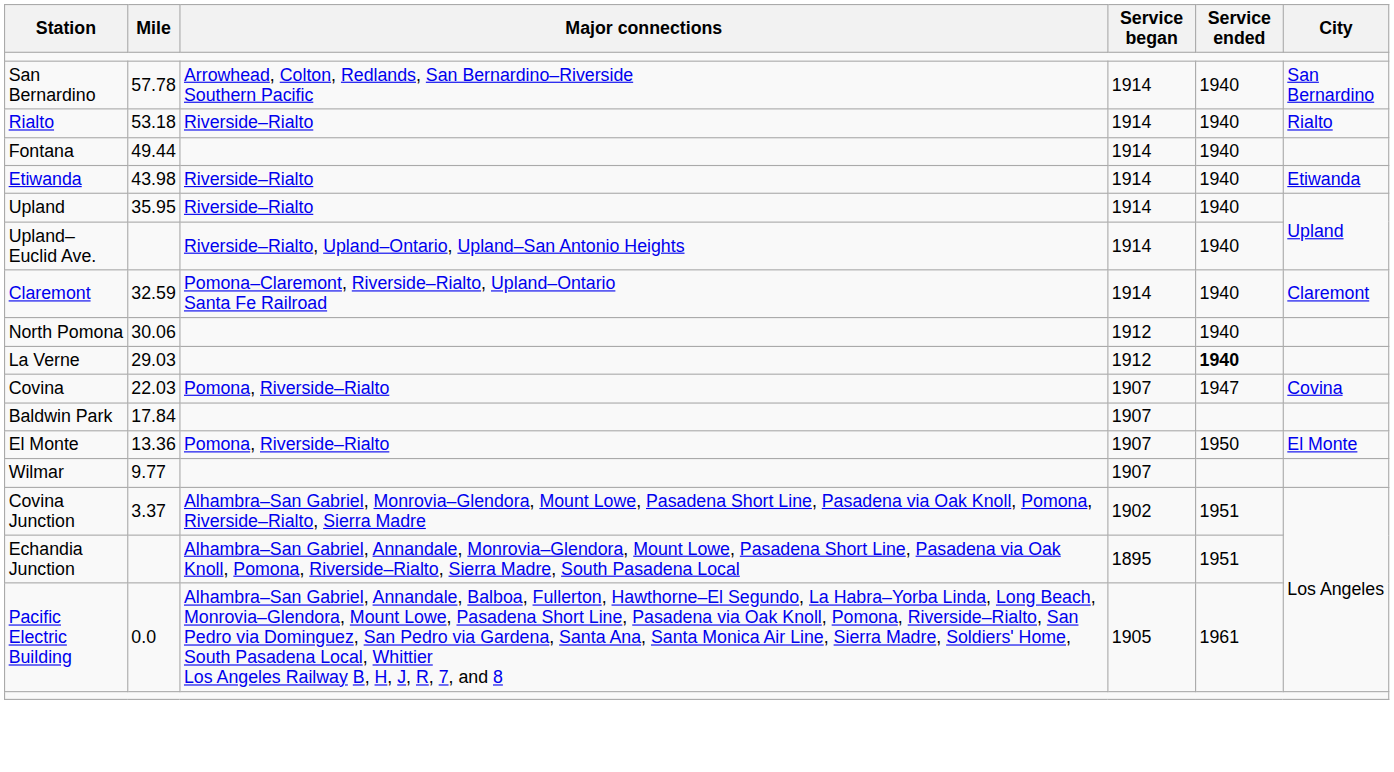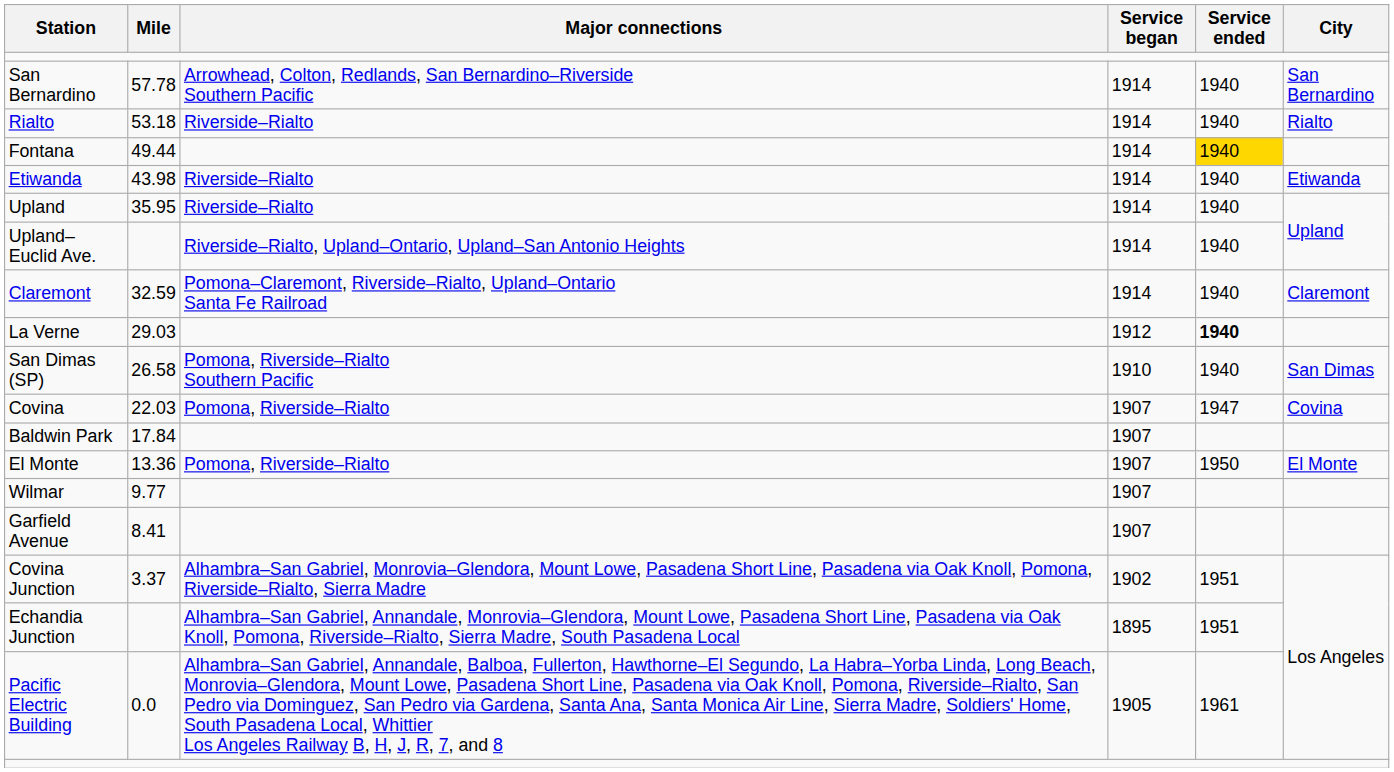 <table class="wikitable">
 <tr>
 <th>Station</th>
 <th>Mile</th>
 <th>Major connections</th>
 <th>Service began</th>
 <th>Service ended</th>
 <th>City</th>
 </tr>
 <tr>
 <td colspan = "6"></td>
 </tr>
 <tr>
 <td>San Bernardino</td>
 <td>57.78</td>
 <td><a href='#'>Arrowhead</a>, <a href='#'>Colton</a>, <a href='#'>Redlands</a>, <a href='#'>San Bernardino–Riverside</a><br><a href='#'>Southern Pacific</a></td>
 <td>1914</td>
 <td>1940</td>
 <td rowspan=1><a href='#'>San Bernardino</a></td>
 </tr>
 <tr>
 <td><a href='#'>Rialto</a></td>
 <td>53.18</td>
 <td><a href='#'>Riverside–Rialto</a></td>
 <td>1914</td>
 <td>1940</td>
 <td rowspan=1><a href='#'>Rialto</a></td>
 </tr>
 <tr>
 <td>Fontana</td>
 <td>49.44</td>
 <td></td>
 <td>1914</td>
-<td>1940</td>
+<td style="background: gold;">1940</td>
 <td></td>
 </tr>
 <tr>
 <td><a href='#'>Etiwanda</a></td>
 <td>43.98</td>
 <td><a href='#'>Riverside–Rialto</a></td>
 <td>1914</td>
 <td>1940</td>
 <td rowspan=1><a href='#'>Etiwanda</a></td>
 </tr>
 <tr>
 <td>Upland</td>
 <td>35.95</td>
 <td><a href='#'>Riverside–Rialto</a></td>
 <td>1914</td>
 <td>1940</td>
 <td rowspan=2><a href='#'>Upland</a></td>
 </tr>
 <tr>
 <td>Upland–Euclid Ave.</td>
 <td></td>
 <td><a href='#'>Riverside–Rialto</a>, <a href='#'>Upland–Ontario</a>, <a href='#'>Upland–San Antonio Heights</a></td>
 <td>1914</td>
 <td>1940</td>
 </tr>
 <tr>
 <td><a href='#'>Claremont</a></td>
 <td>32.59</td>
 <td><a href='#'>Pomona–Claremont</a>, <a href='#'>Riverside–Rialto</a>, <a href='#'>Upland–Ontario</a><br><a href='#'>Santa Fe Railroad</a></td>
 <td>1914</td>
 <td>1940</td>
 <td rowspan=1><a href='#'>Claremont</a></td>
 </tr>
 <tr>
-<td>North Pomona</td>
-<td>30.06</td>
-<td></td>
-<td>1912</td>
-<td>1940</td>
-<td></td>
-</tr>
-<tr>
 <td>La Verne</td>
 <td>29.03</td>
 <td></td>
 <td>1912</td>
 <td><strong>1940</strong></td>
 <td></td>
+</tr>
+<tr>
+<td>San Dimas (SP)</td>
+<td>26.58</td>
+<td><a href='#'>Pomona</a>, <a href='#'>Riverside–Rialto</a><br><a href='#'>Southern Pacific</a></td>
+<td>1910</td>
+<td>1940</td>
+<td rowspan=1><a href='#'>San Dimas</a></td>
 </tr>
 <tr>
 <td>Covina</td>
 <td>22.03</td>
 <td><a href='#'>Pomona</a>, <a href='#'>Riverside–Rialto</a></td>
 <td>1907</td>
 <td>1947</td>
 <td rowspan=1><a href='#'>Covina</a></td>
 </tr>
 <tr>
 <td>Baldwin Park</td>
 <td>17.84</td>
 <td></td>
 <td>1907</td>
 <td></td>
 <td></td>
 </tr>
 <tr>
 <td>El Monte</td>
 <td>13.36</td>
 <td><a href='#'>Pomona</a>, <a href='#'>Riverside–Rialto</a></td>
 <td>1907</td>
 <td>1950</td>
 <td rowspan=1><a href='#'>El Monte</a></td>
 </tr>
 <tr>
 <td>Wilmar</td>
 <td>9.77</td>
 <td></td>
 <td>1907</td>
 <td></td>
 </tr>
 <tr>
+<td>Garfield Avenue</td>
+<td>8.41</td>
+<td></td>
+<td>1907</td>
+<td></td>
+<td></td>
+</tr>
+<tr>
 <td>Covina Junction</td>
 <td>3.37</td>
 <td><a href='#'>Alhambra–San Gabriel</a>, <a href='#'>Monrovia–Glendora</a>, <a href='#'>Mount Lowe</a>, <a href='#'>Pasadena Short Line</a>, <a href='#'>Pasadena via Oak Knoll</a>, <a href='#'>Pomona</a>, <a href='#'>Riverside–Rialto</a>, <a href='#'>Sierra Madre</a></td>
 <td>1902</td>
 <td>1951</td>
 <td rowspan=3>Los Angeles</td>
 </tr>
 <tr>
 <td>Echandia Junction</td>
 <td></td>
 <td><a href='#'>Alhambra–San Gabriel</a>, <a href='#'>Annandale</a>, <a href='#'>Monrovia–Glendora</a>, <a href='#'>Mount Lowe</a>, <a href='#'>Pasadena Short Line</a>, <a href='#'>Pasadena via Oak Knoll</a>, <a href='#'>Pomona</a>, <a href='#'>Riverside–Rialto</a>, <a href='#'>Sierra Madre</a>, <a href='#'>South Pasadena Local</a></td>
 <td>1895</td>
 <td>1951</td>
 </tr>
 <tr>
 <td><a href='#'>Pacific Electric Building</a></td>
 <td>0.0</td>
 <td><a href='#'>Alhambra–San Gabriel</a>, <a href='#'>Annandale</a>, <a href='#'>Balboa</a>, <a href='#'>Fullerton</a>, <a href='#'>Hawthorne–El Segundo</a>, <a href='#'>La Habra–Yorba Linda</a>, <a href='#'>Long Beach</a>, <a href='#'>Monrovia–Glendora</a>, <a href='#'>Mount Lowe</a>, <a href='#'>Pasadena Short Line</a>, <a href='#'>Pasadena via Oak Knoll</a>, <a href='#'>Pomona</a>, <a href='#'>Riverside–Rialto</a>, <a href='#'>San Pedro via Dominguez</a>, <a href='#'>San Pedro via Gardena</a>, <a href='#'>Santa Ana</a>, <a href='#'>Santa Monica Air Line</a>, <a href='#'>Sierra Madre</a>, <a href='#'>Soldiers' Home</a>, <a href='#'>South Pasadena Local</a>, <a href='#'>Whittier</a><br><a href='#'>Los Angeles Railway</a> <a href='#'>B</a>, <a href='#'>H</a>, <a href='#'>J</a>, <a href='#'>R</a>, <a href='#'>7</a>, and <a href='#'>8</a></td>
 <td>1905</td>
 <td>1961</td>
 </tr>
 <tr>
 <td colspan = "6"></td>
 </tr>
 </table>
